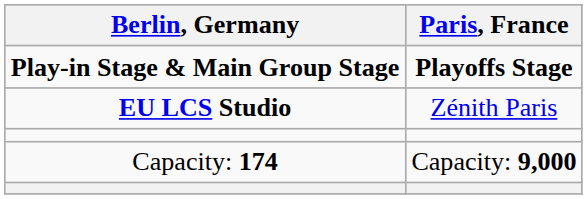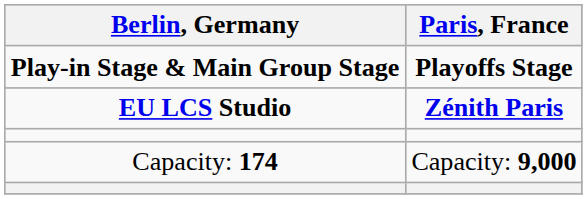 <table class="wikitable" style="text-align:center">
 <tr>
 <th><a href='#'>Berlin</a>, Germany</th>
 <th><a href='#'>Paris</a>, France</th>
 </tr>
 <tr>
 <td><strong>Play-in Stage & Main Group Stage</strong></td>
 <td><strong>Playoffs Stage</strong></td>
 </tr>
 <tr>
 <td><strong><a href='#'>EU LCS</a> Studio</strong></td>
-<td><a href='#'>Zénith Paris</a></td>
+<td><strong><a href='#'>Zénith Paris</a></strong></td>
 </tr>
 <tr>
 <td></td>
 <td></td>
 </tr>
 <tr>
 <td>Capacity: <strong>174</strong></td>
 <td>Capacity: <strong>9,000</strong></td>
 </tr>
 <tr>
 <th></th>
 <th></th>
 </tr>
 </table>
